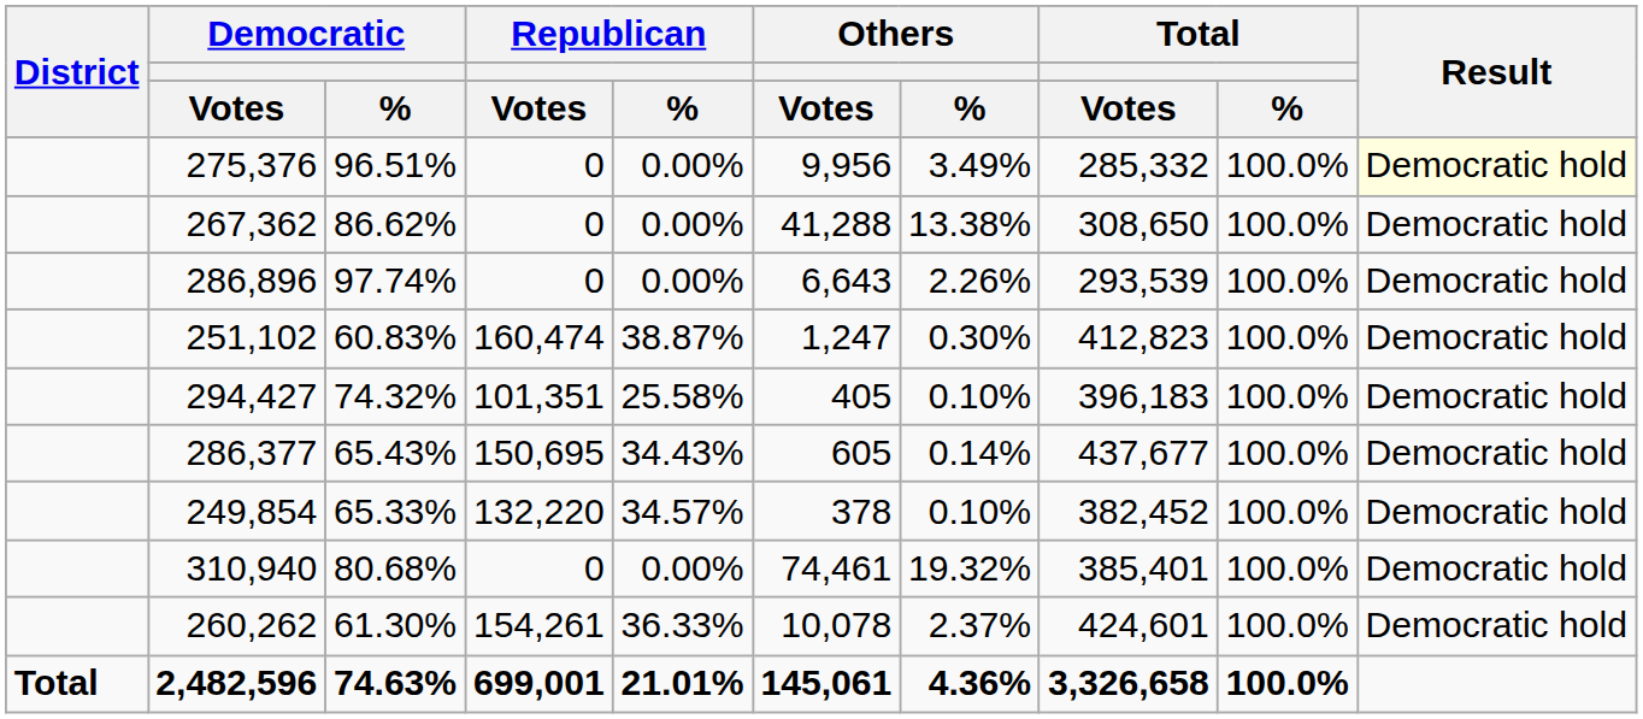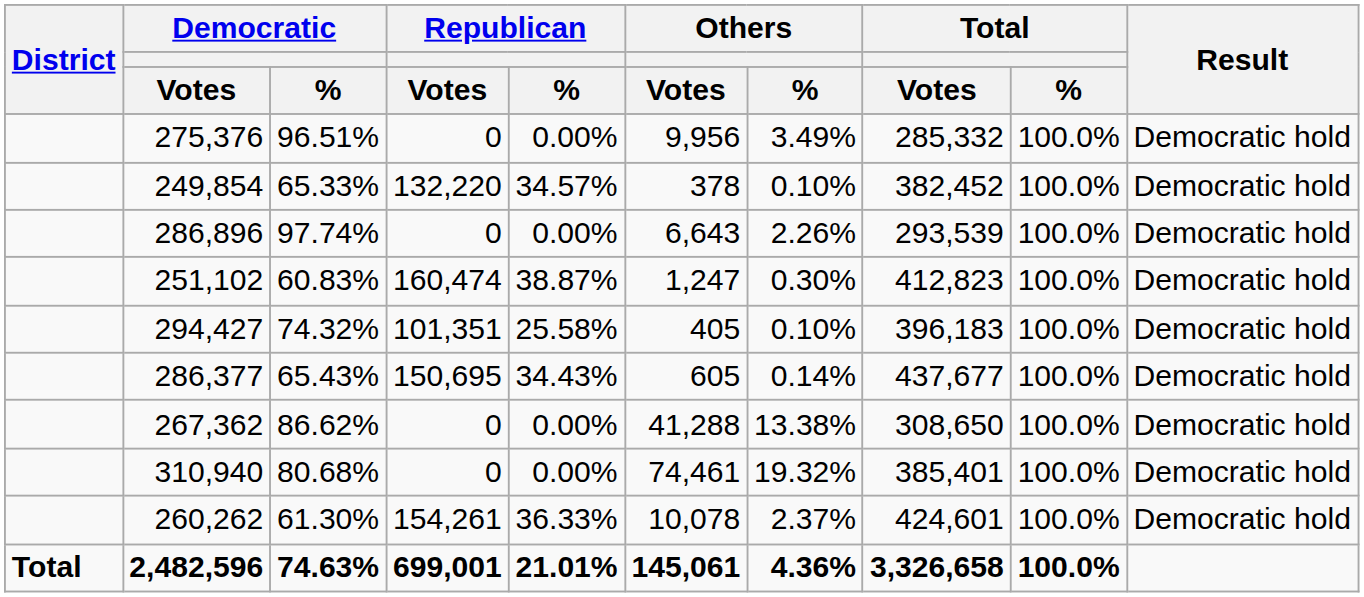 <table class="wikitable plainrowheaders sortable" style="font-size:100%; text-align:right;">
 <tr>
 <th scope=col rowspan=3><a href='#'>District</a></th>
 <th scope=col colspan=2><a href='#'>Democratic</a></th>
 <th scope=col colspan=2><a href='#'>Republican</a></th>
 <th scope=col colspan=2>Others</th>
 <th scope=col colspan=2>Total</th>
 <th scope=col rowspan=3>Result</th>
 </tr>
 <tr>
 <th scope=col colspan=2 style="background:"></th>
 <th scope=col colspan=2 style="background:"></th>
 <th scope=col colspan=2></th>
 <th scope=col colspan=2></th>
 </tr>
 <tr>
 <th scope=col data-sort-type="number">Votes</th>
 <th scope=col data-sort-type="number">%</th>
 <th scope=col data-sort-type="number">Votes</th>
 <th scope=col data-sort-type="number">%</th>
 <th scope=col data-sort-type="number">Votes</th>
 <th scope=col data-sort-type="number">%</th>
 <th scope=col data-sort-type="number">Votes</th>
 <th scope=col data-sort-type="number">%</th>
 </tr>
 <tr>
 <td align=left></td>
 <td>275,376</td>
 <td>96.51%</td>
 <td>0</td>
 <td>0.00%</td>
 <td>9,956</td>
 <td>3.49%</td>
 <td>285,332</td>
 <td>100.0%</td>
-<td align=left style="background: lightyellow;">Democratic hold</td>
+<td align=left>Democratic hold</td>
 </tr>
 <tr>
 <td align=left></td>
-<td>267,362</td>
-<td>86.62%</td>
-<td>0</td>
-<td>0.00%</td>
-<td>41,288</td>
-<td>13.38%</td>
-<td>308,650</td>
+<td>249,854</td>
+<td>65.33%</td>
+<td>132,220</td>
+<td>34.57%</td>
+<td>378</td>
+<td>0.10%</td>
+<td>382,452</td>
 <td>100.0%</td>
 <td align=left>Democratic hold</td>
 </tr>
 <tr>
 <td align=left></td>
 <td>286,896</td>
 <td>97.74%</td>
 <td>0</td>
 <td>0.00%</td>
 <td>6,643</td>
 <td>2.26%</td>
 <td>293,539</td>
 <td>100.0%</td>
 <td align=left>Democratic hold</td>
 </tr>
 <tr>
 <td align=left></td>
 <td>251,102</td>
 <td>60.83%</td>
 <td>160,474</td>
 <td>38.87%</td>
 <td>1,247</td>
 <td>0.30%</td>
 <td>412,823</td>
 <td>100.0%</td>
 <td align=left>Democratic hold</td>
 </tr>
 <tr>
 <td align=left></td>
 <td>294,427</td>
 <td>74.32%</td>
 <td>101,351</td>
 <td>25.58%</td>
 <td>405</td>
 <td>0.10%</td>
 <td>396,183</td>
 <td>100.0%</td>
 <td align=left>Democratic hold</td>
 </tr>
 <tr>
 <td align=left></td>
 <td>286,377</td>
 <td>65.43%</td>
 <td>150,695</td>
 <td>34.43%</td>
 <td>605</td>
 <td>0.14%</td>
 <td>437,677</td>
 <td>100.0%</td>
 <td align=left>Democratic hold</td>
 </tr>
 <tr>
 <td align=left></td>
-<td>249,854</td>
-<td>65.33%</td>
-<td>132,220</td>
-<td>34.57%</td>
-<td>378</td>
-<td>0.10%</td>
-<td>382,452</td>
+<td>267,362</td>
+<td>86.62%</td>
+<td>0</td>
+<td>0.00%</td>
+<td>41,288</td>
+<td>13.38%</td>
+<td>308,650</td>
 <td>100.0%</td>
 <td align=left>Democratic hold</td>
 </tr>
 <tr>
 <td align=left></td>
 <td>310,940</td>
 <td>80.68%</td>
 <td>0</td>
 <td>0.00%</td>
 <td>74,461</td>
 <td>19.32%</td>
 <td>385,401</td>
 <td>100.0%</td>
 <td align=left>Democratic hold</td>
 </tr>
 <tr>
 <td align=left></td>
 <td>260,262</td>
 <td>61.30%</td>
 <td>154,261</td>
 <td>36.33%</td>
 <td>10,078</td>
 <td>2.37%</td>
 <td>424,601</td>
 <td>100.0%</td>
 <td align=left>Democratic hold</td>
 </tr>
 <tr class="sortbottom" style="font-weight:bold">
 <td align=left>Total</td>
 <td>2,482,596</td>
 <td>74.63%</td>
 <td>699,001</td>
 <td>21.01%</td>
 <td>145,061</td>
 <td>4.36%</td>
 <td>3,326,658</td>
 <td>100.0%</td>
 <td></td>
 </tr>
 </table>
